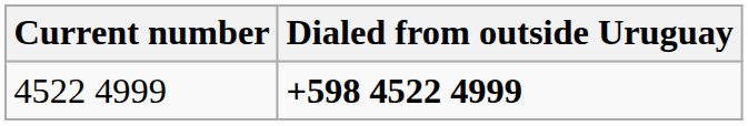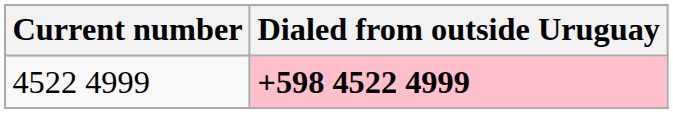 <table class="wikitable">
 <tr>
 <th>Current number</th>
 <th>Dialed from outside Uruguay</th>
 </tr>
 <tr>
 <td>4522 4999</td>
-<td><strong>+598 4522 4999</strong></td>
+<td style="background: pink;"><strong>+598 4522 4999</strong></td>
 </tr>
 </table>
